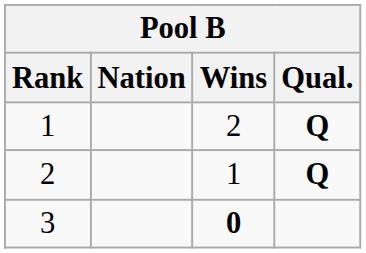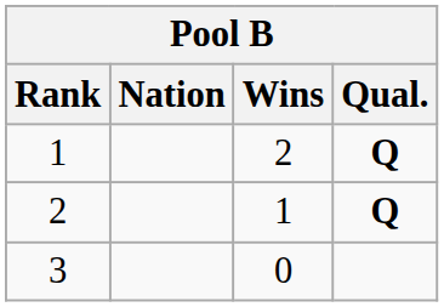 <table class="wikitable" style="text-align:center">
 <tr>
 <th colspan=4 align=center><strong>Pool B</strong></th>
 </tr>
 <tr>
 <th>Rank</th>
 <th>Nation</th>
 <th>Wins</th>
 <th>Qual.</th>
 </tr>
 <tr>
 <td>1</td>
 <td align=left></td>
 <td>2</td>
 <td><strong>Q</strong></td>
 </tr>
 <tr>
 <td>2</td>
 <td align=left></td>
 <td>1</td>
 <td><strong>Q</strong></td>
 </tr>
 <tr>
 <td>3</td>
 <td align=left></td>
-<td><strong>0</strong></td>
+<td>0</td>
 <td></td>
 </tr>
 </table>
